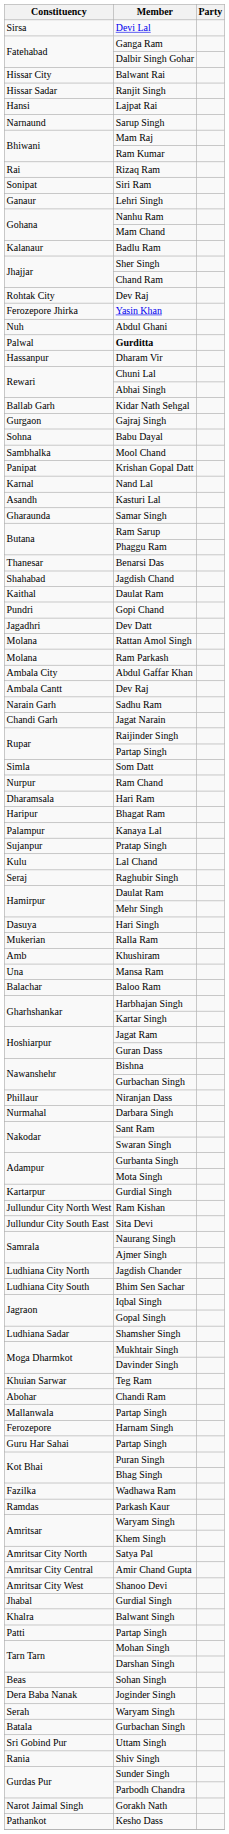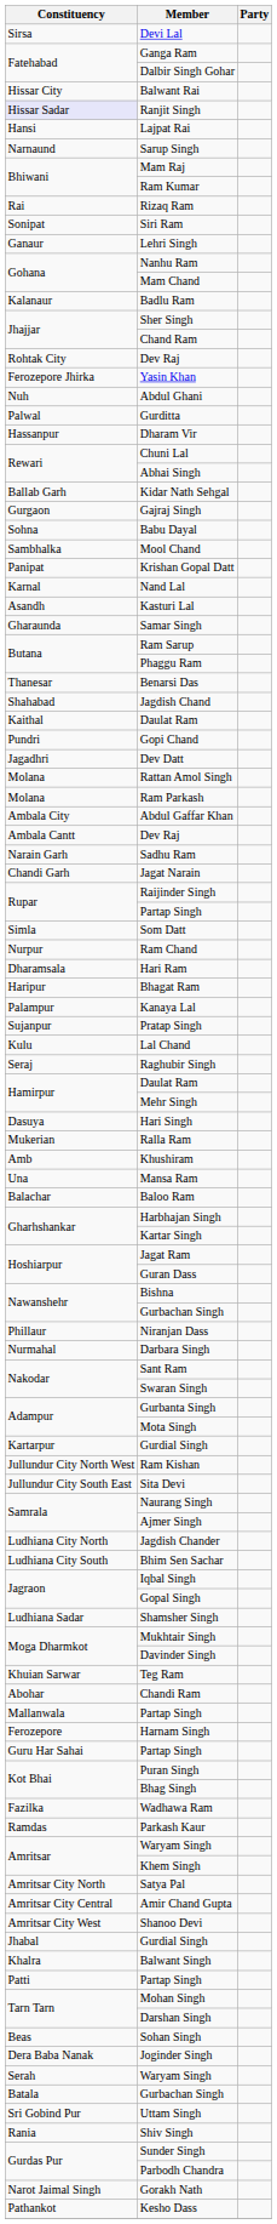 <table class="wikitable sortable">
 <tr>
 <th>Constituency</th>
 <th>Member</th>
 <th colspan=2>Party</th>
 </tr>
 <tr>
 <td>Sirsa</td>
 <td><a href='#'>Devi Lal</a></td>
 <td></td>
 </tr>
 <tr>
 <td rowspan=2>Fatehabad</td>
 <td>Ganga Ram</td>
 <td></td>
 </tr>
 <tr>
 <td>Dalbir Singh Gohar</td>
 <td></td>
 </tr>
 <tr>
 <td>Hissar City</td>
 <td>Balwant Rai</td>
 <td></td>
 </tr>
 <tr>
-<td>Hissar Sadar</td>
+<td style="background: lavender;">Hissar Sadar</td>
 <td>Ranjit Singh</td>
 <td></td>
 </tr>
 <tr>
 <td>Hansi</td>
 <td>Lajpat Rai</td>
 <td></td>
 </tr>
 <tr>
 <td>Narnaund</td>
 <td>Sarup Singh</td>
 <td></td>
 </tr>
 <tr>
 <td rowspan=2>Bhiwani</td>
 <td>Mam Raj</td>
 <td></td>
 </tr>
 <tr>
 <td>Ram Kumar</td>
 <td></td>
 </tr>
 <tr>
 <td>Rai</td>
 <td>Rizaq Ram</td>
 <td></td>
 </tr>
 <tr>
 <td>Sonipat</td>
 <td>Siri Ram</td>
 <td></td>
 </tr>
 <tr>
 <td>Ganaur</td>
 <td>Lehri Singh</td>
 <td></td>
 </tr>
 <tr>
 <td rowspan=2>Gohana</td>
 <td>Nanhu Ram</td>
 <td></td>
 </tr>
 <tr>
 <td>Mam Chand</td>
 <td></td>
 </tr>
 <tr>
 <td>Kalanaur</td>
 <td>Badlu Ram</td>
 <td></td>
 </tr>
 <tr>
 <td rowspan=2>Jhajjar</td>
 <td>Sher Singh</td>
 <td></td>
 </tr>
 <tr>
 <td>Chand Ram</td>
 <td></td>
 </tr>
 <tr>
 <td>Rohtak City</td>
 <td>Dev Raj</td>
 <td></td>
 </tr>
 <tr>
 <td>Ferozepore Jhirka</td>
 <td><a href='#'>Yasin Khan</a></td>
 <td></td>
 </tr>
 <tr>
 <td>Nuh</td>
 <td>Abdul Ghani</td>
 <td></td>
 </tr>
 <tr>
 <td>Palwal</td>
-<td><strong>Gurditta</strong></td>
+<td>Gurditta</td>
 <td></td>
 </tr>
 <tr>
 <td>Hassanpur</td>
 <td>Dharam Vir</td>
 <td></td>
 </tr>
 <tr>
 <td rowspan=2>Rewari</td>
 <td>Chuni Lal</td>
 <td></td>
 </tr>
 <tr>
 <td>Abhai Singh</td>
 <td></td>
 </tr>
 <tr>
 <td>Ballab Garh</td>
 <td>Kidar Nath Sehgal</td>
 <td></td>
 </tr>
 <tr>
 <td>Gurgaon</td>
 <td>Gajraj Singh</td>
 <td></td>
 </tr>
 <tr>
 <td>Sohna</td>
 <td>Babu Dayal</td>
 <td></td>
 </tr>
 <tr>
 <td>Sambhalka</td>
 <td>Mool Chand</td>
 <td></td>
 </tr>
 <tr>
 <td>Panipat</td>
 <td>Krishan Gopal Datt</td>
 <td></td>
 </tr>
 <tr>
 <td>Karnal</td>
 <td>Nand Lal</td>
 <td></td>
 </tr>
 <tr>
 <td>Asandh</td>
 <td>Kasturi Lal</td>
 <td></td>
 </tr>
 <tr>
 <td>Gharaunda</td>
 <td>Samar Singh</td>
 <td></td>
 </tr>
 <tr>
 <td rowspan=2>Butana</td>
 <td>Ram Sarup</td>
 <td></td>
 </tr>
 <tr>
 <td>Phaggu Ram</td>
 <td></td>
 </tr>
 <tr>
 <td>Thanesar</td>
 <td>Benarsi Das</td>
 <td></td>
 </tr>
 <tr>
 <td>Shahabad</td>
 <td>Jagdish Chand</td>
 <td></td>
 </tr>
 <tr>
 <td>Kaithal</td>
 <td>Daulat Ram</td>
 <td></td>
 </tr>
 <tr>
 <td>Pundri</td>
 <td>Gopi Chand</td>
 <td></td>
 </tr>
 <tr>
 <td>Jagadhri</td>
 <td>Dev Datt</td>
 <td></td>
 </tr>
 <tr>
 <td>Molana</td>
 <td>Rattan Amol Singh</td>
 <td></td>
 </tr>
 <tr>
 <td>Molana</td>
 <td>Ram Parkash</td>
 <td></td>
 </tr>
 <tr>
 <td>Ambala City</td>
 <td>Abdul Gaffar Khan</td>
 <td></td>
 </tr>
 <tr>
 <td>Ambala Cantt</td>
 <td>Dev Raj</td>
 <td></td>
 </tr>
 <tr>
 <td>Narain Garh</td>
 <td>Sadhu Ram</td>
 <td></td>
 </tr>
 <tr>
 <td>Chandi Garh</td>
 <td>Jagat Narain</td>
 <td></td>
 </tr>
 <tr>
 <td rowspan=2>Rupar</td>
 <td>Raijinder Singh</td>
 <td></td>
 </tr>
 <tr>
 <td>Partap Singh</td>
 <td></td>
 </tr>
 <tr>
 <td>Simla</td>
 <td>Som Datt</td>
 <td></td>
 </tr>
 <tr>
 <td>Nurpur</td>
 <td>Ram Chand</td>
 <td></td>
 </tr>
 <tr>
 <td>Dharamsala</td>
 <td>Hari Ram</td>
 <td></td>
 </tr>
 <tr>
 <td>Haripur</td>
 <td>Bhagat Ram</td>
 <td></td>
 </tr>
 <tr>
 <td>Palampur</td>
 <td>Kanaya Lal</td>
 <td></td>
 </tr>
 <tr>
 <td>Sujanpur</td>
 <td>Pratap Singh</td>
 <td></td>
 </tr>
 <tr>
 <td>Kulu</td>
 <td>Lal Chand</td>
 <td></td>
 </tr>
 <tr>
 <td>Seraj</td>
 <td>Raghubir Singh</td>
 <td></td>
 </tr>
 <tr>
 <td rowspan=2>Hamirpur</td>
 <td>Daulat Ram</td>
 <td></td>
 </tr>
 <tr>
 <td>Mehr Singh</td>
 <td></td>
 </tr>
 <tr>
 <td>Dasuya</td>
 <td>Hari Singh</td>
 <td></td>
 </tr>
 <tr>
 <td>Mukerian</td>
 <td>Ralla Ram</td>
 <td></td>
 </tr>
 <tr>
 <td>Amb</td>
 <td>Khushiram</td>
 <td></td>
 </tr>
 <tr>
 <td>Una</td>
 <td>Mansa Ram</td>
 <td></td>
 </tr>
 <tr>
 <td>Balachar</td>
 <td>Baloo Ram</td>
 <td></td>
 </tr>
 <tr>
 <td rowspan=2>Gharhshankar</td>
 <td>Harbhajan Singh</td>
 <td></td>
 </tr>
 <tr>
 <td>Kartar Singh</td>
 <td></td>
 </tr>
 <tr>
 <td rowspan=2>Hoshiarpur</td>
 <td>Jagat Ram</td>
 <td></td>
 </tr>
 <tr>
 <td>Guran Dass</td>
 <td></td>
 </tr>
 <tr>
 <td rowspan=2>Nawanshehr</td>
 <td>Bishna</td>
 <td></td>
 </tr>
 <tr>
 <td>Gurbachan Singh</td>
 <td></td>
 </tr>
 <tr>
 <td>Phillaur</td>
 <td>Niranjan Dass</td>
 <td></td>
 </tr>
 <tr>
 <td>Nurmahal</td>
 <td>Darbara Singh</td>
 <td></td>
 </tr>
 <tr>
 <td rowspan=2>Nakodar</td>
 <td>Sant Ram</td>
 <td></td>
 </tr>
 <tr>
 <td>Swaran Singh</td>
 <td></td>
 </tr>
 <tr>
 <td rowspan=2>Adampur</td>
 <td>Gurbanta Singh</td>
 <td></td>
 </tr>
 <tr>
 <td>Mota Singh</td>
 <td></td>
 </tr>
 <tr>
 <td>Kartarpur</td>
 <td>Gurdial Singh</td>
 <td></td>
 </tr>
 <tr>
 <td>Jullundur City North West</td>
 <td>Ram Kishan</td>
 <td></td>
 </tr>
 <tr>
 <td>Jullundur City South East</td>
 <td>Sita Devi</td>
 <td></td>
 </tr>
 <tr>
 <td rowspan=2>Samrala</td>
 <td>Naurang Singh</td>
 <td></td>
 </tr>
 <tr>
 <td>Ajmer Singh</td>
 <td></td>
 </tr>
 <tr>
 <td>Ludhiana City North</td>
 <td>Jagdish Chander</td>
 <td></td>
 </tr>
 <tr>
 <td>Ludhiana City South</td>
 <td>Bhim Sen Sachar</td>
 <td></td>
 </tr>
 <tr>
 <td rowspan=2>Jagraon</td>
 <td>Iqbal Singh</td>
 <td></td>
 </tr>
 <tr>
 <td>Gopal Singh</td>
 <td></td>
 </tr>
 <tr>
 <td>Ludhiana Sadar</td>
 <td>Shamsher Singh</td>
 <td></td>
 </tr>
 <tr>
 <td rowspan=2>Moga Dharmkot</td>
 <td>Mukhtair Singh</td>
 <td></td>
 </tr>
 <tr>
 <td>Davinder Singh</td>
 <td></td>
 </tr>
 <tr>
 <td>Khuian Sarwar</td>
 <td>Teg Ram</td>
 <td></td>
 </tr>
 <tr>
 <td>Abohar</td>
 <td>Chandi Ram</td>
 <td></td>
 </tr>
 <tr>
 <td>Mallanwala</td>
 <td>Partap Singh</td>
 <td></td>
 </tr>
 <tr>
 <td>Ferozepore</td>
 <td>Harnam Singh</td>
 <td></td>
 </tr>
 <tr>
 <td>Guru Har Sahai</td>
 <td>Partap Singh</td>
 <td></td>
 </tr>
 <tr>
 <td rowspan=2>Kot Bhai</td>
 <td>Puran Singh</td>
 <td></td>
 </tr>
 <tr>
 <td>Bhag Singh</td>
 <td></td>
 </tr>
 <tr>
 <td>Fazilka</td>
 <td>Wadhawa Ram</td>
 <td></td>
 </tr>
 <tr>
 <td>Ramdas</td>
 <td>Parkash Kaur</td>
 <td></td>
 </tr>
 <tr>
 <td rowspan=2>Amritsar</td>
 <td>Waryam Singh</td>
 <td></td>
 </tr>
 <tr>
 <td>Khem Singh</td>
 <td></td>
 </tr>
 <tr>
 <td>Amritsar City North</td>
 <td>Satya Pal</td>
 <td></td>
 </tr>
 <tr>
 <td>Amritsar City Central</td>
 <td>Amir Chand Gupta</td>
 <td></td>
 </tr>
 <tr>
 <td>Amritsar City West</td>
 <td>Shanoo Devi</td>
 <td></td>
 </tr>
 <tr>
 <td>Jhabal</td>
 <td>Gurdial Singh</td>
 <td></td>
 </tr>
 <tr>
 <td>Khalra</td>
 <td>Balwant Singh</td>
 <td></td>
 </tr>
 <tr>
 <td>Patti</td>
 <td>Partap Singh</td>
 <td></td>
 </tr>
 <tr>
 <td rowspan=2>Tarn Tarn</td>
 <td>Mohan Singh</td>
 <td></td>
 </tr>
 <tr>
 <td>Darshan Singh</td>
 <td></td>
 </tr>
 <tr>
 <td>Beas</td>
 <td>Sohan Singh</td>
 <td></td>
 </tr>
 <tr>
 <td>Dera Baba Nanak</td>
 <td>Joginder Singh</td>
 <td></td>
 </tr>
 <tr>
 <td>Serah</td>
 <td>Waryam Singh</td>
 <td></td>
 </tr>
 <tr>
 <td>Batala</td>
 <td>Gurbachan Singh</td>
 <td></td>
 </tr>
 <tr>
 <td>Sri Gobind Pur</td>
 <td>Uttam Singh</td>
 <td></td>
 </tr>
 <tr>
 <td>Rania</td>
 <td>Shiv Singh</td>
 <td></td>
 </tr>
 <tr>
 <td rowspan=2>Gurdas Pur</td>
 <td>Sunder Singh</td>
 <td></td>
 </tr>
 <tr>
 <td>Parbodh Chandra</td>
 <td></td>
 </tr>
 <tr>
 <td>Narot Jaimal Singh</td>
 <td>Gorakh Nath</td>
 <td></td>
 </tr>
 <tr>
 <td>Pathankot</td>
 <td>Kesho Dass</td>
 <td></td>
 </tr>
 <tr>
 </tr>
 </table>
